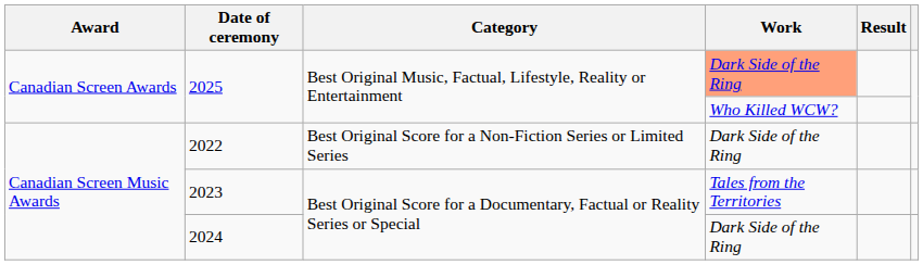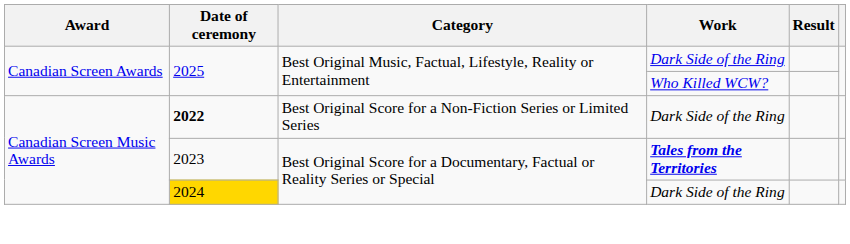 <table class="wikitable sortable plainrowheaders">
 <tr>
 <th scope="col">Award</th>
 <th scope="col">Date of ceremony</th>
 <th scope="col">Category</th>
 <th scope="col">Work</th>
 <th scope="col">Result</th>
 <th scope="col" class="unsortable"></th>
 </tr>
 <tr>
 <td rowspan=2><a href='#'>Canadian Screen Awards</a></td>
 <td rowspan=2><a href='#'>2025</a></td>
 <td rowspan=2>Best Original Music, Factual, Lifestyle, Reality or Entertainment</td>
-<td style="background: lightsalmon;"><em><a href='#'>Dark Side of the Ring</a></em></td>
+<td><em><a href='#'>Dark Side of the Ring</a></em></td>
 <td></td>
 <td rowspan=2></td>
 </tr>
 <tr>
 <td><em><a href='#'>Who Killed WCW?</a></em></td>
 <td></td>
 </tr>
 <tr>
 <td rowspan=3><a href='#'>Canadian Screen Music Awards</a></td>
-<td>2022</td>
+<td><strong>2022</strong></td>
 <td>Best Original Score for a Non-Fiction Series or Limited Series</td>
 <td><em>Dark Side of the Ring</em></td>
 <td></td>
 <td></td>
 </tr>
 <tr>
 <td>2023</td>
 <td rowspan=2>Best Original Score for a Documentary, Factual or Reality Series or Special</td>
-<td><em><a href='#'>Tales from the Territories</a></em></td>
+<td><strong><em><a href='#'>Tales from the Territories</a></em></strong></td>
 <td></td>
 <td></td>
 </tr>
 <tr>
-<td>2024</td>
+<td style="background: gold;">2024</td>
 <td><em>Dark Side of the Ring</em></td>
 <td></td>
 <td></td>
 </tr>
 </table>
